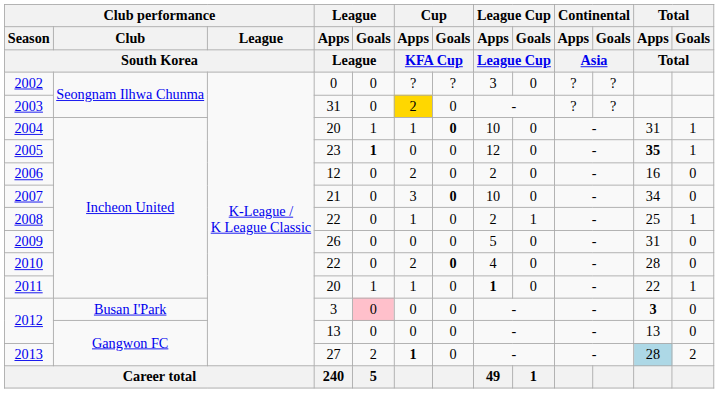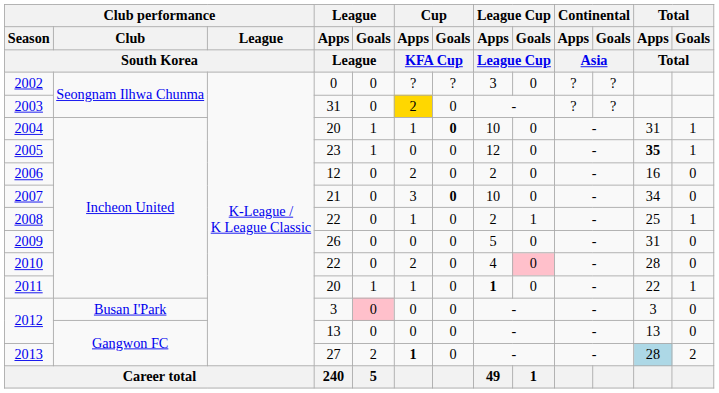 <table class="wikitable" style="text-align:center">
 <tr>
 <th colspan=3>Club performance</th>
 <th colspan=2>League</th>
 <th colspan=2>Cup</th>
 <th colspan=2>League Cup</th>
 <th colspan=2>Continental</th>
 <th colspan=2>Total</th>
 </tr>
 <tr>
 <th>Season</th>
 <th>Club</th>
 <th>League</th>
 <th>Apps</th>
 <th>Goals</th>
 <th>Apps</th>
 <th>Goals</th>
 <th>Apps</th>
 <th>Goals</th>
 <th>Apps</th>
 <th>Goals</th>
 <th>Apps</th>
 <th>Goals</th>
 </tr>
 <tr>
 <th colspan=3>South Korea</th>
 <th colspan=2>League</th>
 <th colspan=2><a href='#'>KFA Cup</a></th>
 <th colspan=2><a href='#'>League Cup</a></th>
 <th colspan=2><a href='#'>Asia</a></th>
 <th colspan=2>Total</th>
 </tr>
 <tr>
 <td><a href='#'>2002</a></td>
 <td rowspan="2"><a href='#'>Seongnam Ilhwa Chunma</a></td>
 <td rowspan="13"><a href='#'>K-League / <br> K League Classic</a></td>
 <td>0</td>
 <td>0</td>
 <td>?</td>
 <td>?</td>
 <td>3</td>
 <td>0</td>
 <td>?</td>
 <td>?</td>
 <td></td>
 <td></td>
 </tr>
 <tr>
 <td><a href='#'>2003</a></td>
 <td>31</td>
 <td>0</td>
 <td style="background: gold;">2</td>
 <td>0</td>
 <td colspan="2">-</td>
 <td>?</td>
 <td>?</td>
 <td></td>
 <td></td>
 </tr>
 <tr>
 <td><a href='#'>2004</a></td>
 <td rowspan="8"><a href='#'>Incheon United</a></td>
 <td>20</td>
 <td>1</td>
 <td>1</td>
 <td><strong>0</strong></td>
 <td>10</td>
 <td>0</td>
 <td colspan="2">-</td>
 <td>31</td>
 <td>1</td>
 </tr>
 <tr>
 <td><a href='#'>2005</a></td>
 <td>23</td>
-<td><strong>1</strong></td>
+<td>1</td>
 <td>0</td>
 <td>0</td>
 <td>12</td>
 <td>0</td>
 <td colspan="2">-</td>
 <td><strong>35</strong></td>
 <td>1</td>
 </tr>
 <tr>
 <td><a href='#'>2006</a></td>
 <td>12</td>
 <td>0</td>
 <td>2</td>
 <td>0</td>
 <td>2</td>
 <td>0</td>
 <td colspan="2">-</td>
 <td>16</td>
 <td>0</td>
 </tr>
 <tr>
 <td><a href='#'>2007</a></td>
 <td>21</td>
 <td>0</td>
 <td>3</td>
 <td><strong>0</strong></td>
 <td>10</td>
 <td>0</td>
 <td colspan="2">-</td>
 <td>34</td>
 <td>0</td>
 </tr>
 <tr>
 <td><a href='#'>2008</a></td>
 <td>22</td>
 <td>0</td>
 <td>1</td>
 <td>0</td>
 <td>2</td>
 <td>1</td>
 <td colspan="2">-</td>
 <td>25</td>
 <td>1</td>
 </tr>
 <tr>
 <td><a href='#'>2009</a></td>
 <td>26</td>
 <td>0</td>
 <td>0</td>
 <td>0</td>
 <td>5</td>
 <td>0</td>
 <td colspan="2">-</td>
 <td>31</td>
 <td>0</td>
 </tr>
 <tr>
 <td><a href='#'>2010</a></td>
 <td>22</td>
 <td>0</td>
 <td>2</td>
-<td><strong>0</strong></td>
+<td>0</td>
 <td>4</td>
-<td>0</td>
+<td style="background: pink;">0</td>
 <td colspan="2">-</td>
 <td>28</td>
 <td>0</td>
 </tr>
 <tr>
 <td><a href='#'>2011</a></td>
 <td>20</td>
 <td>1</td>
 <td>1</td>
 <td>0</td>
 <td><strong>1</strong></td>
 <td>0</td>
 <td colspan="2">-</td>
 <td>22</td>
 <td>1</td>
 </tr>
 <tr>
 <td rowspan="2"><a href='#'>2012</a></td>
 <td rowspan="1"><a href='#'>Busan I'Park</a></td>
 <td>3</td>
 <td style="background: pink;">0</td>
 <td>0</td>
 <td>0</td>
 <td colspan="2">-</td>
 <td colspan="2">-</td>
-<td><strong>3</strong></td>
+<td>3</td>
 <td>0</td>
 </tr>
 <tr>
 <td rowspan="2"><a href='#'>Gangwon FC</a></td>
 <td>13</td>
 <td>0</td>
 <td>0</td>
 <td>0</td>
 <td colspan="2">-</td>
 <td colspan="2">-</td>
 <td>13</td>
 <td>0</td>
 </tr>
 <tr>
 <td><a href='#'>2013</a></td>
 <td>27</td>
 <td>2</td>
 <td><strong>1</strong></td>
 <td>0</td>
 <td colspan="2">-</td>
 <td colspan="2">-</td>
 <td style="background: lightblue;">28</td>
 <td>2</td>
 </tr>
 <tr>
 <th colspan=3>Career total</th>
 <th>240</th>
 <th>5</th>
 <th></th>
 <th></th>
 <th>49</th>
 <th>1</th>
 <th></th>
 <th></th>
 <th></th>
 <th></th>
 </tr>
 </table>
